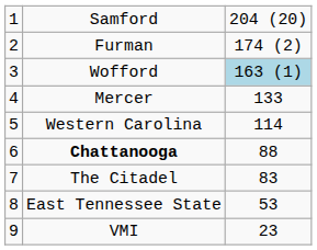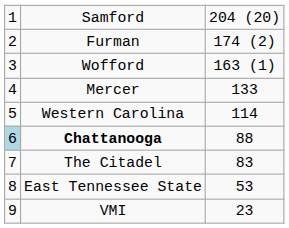 <table class="wikitable" style="display: inline-table;">
 <tr align="center">
 <td>1</td>
 <td>Samford</td>
 <td>204 (20)</td>
 </tr>
 <tr align="center">
 <td>2</td>
 <td>Furman</td>
 <td>174 (2)</td>
 </tr>
 <tr align="center">
 <td>3</td>
 <td>Wofford</td>
-<td style="background: lightblue;">163 (1)</td>
+<td>163 (1)</td>
 </tr>
 <tr align="center">
 <td>4</td>
 <td>Mercer</td>
 <td>133</td>
 </tr>
 <tr align="center">
 <td>5</td>
 <td>Western Carolina</td>
 <td>114</td>
 </tr>
 <tr align="center">
-<td>6</td>
+<td style="background: lightblue;">6</td>
 <td><strong>Chattanooga</strong></td>
 <td>88</td>
 </tr>
 <tr align="center">
 <td>7</td>
 <td>The Citadel</td>
 <td>83</td>
 </tr>
 <tr align="center">
 <td>8</td>
 <td>East Tennessee State</td>
 <td>53</td>
 </tr>
 <tr align="center">
 <td>9</td>
 <td>VMI</td>
 <td>23</td>
 </tr>
 </table>
